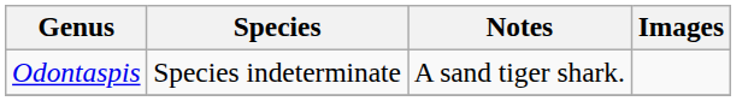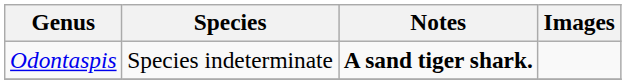 <table class="wikitable">
 <tr>
 <th>Genus</th>
 <th>Species</th>
 <th>Notes</th>
 <th>Images</th>
 </tr>
 <tr>
 <td><em><a href='#'>Odontaspis</a></em></td>
 <td>Species indeterminate</td>
-<td>A sand tiger shark.</td>
+<td><strong>A sand tiger shark.</strong></td>
 <td></td>
 </tr>
 <tr>
 </tr>
 </table>
